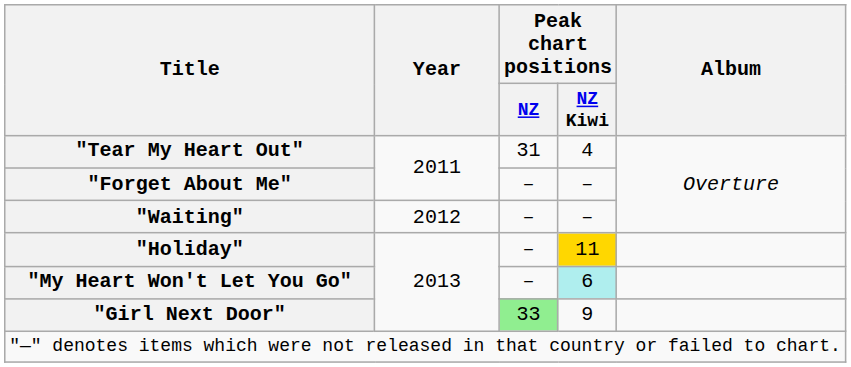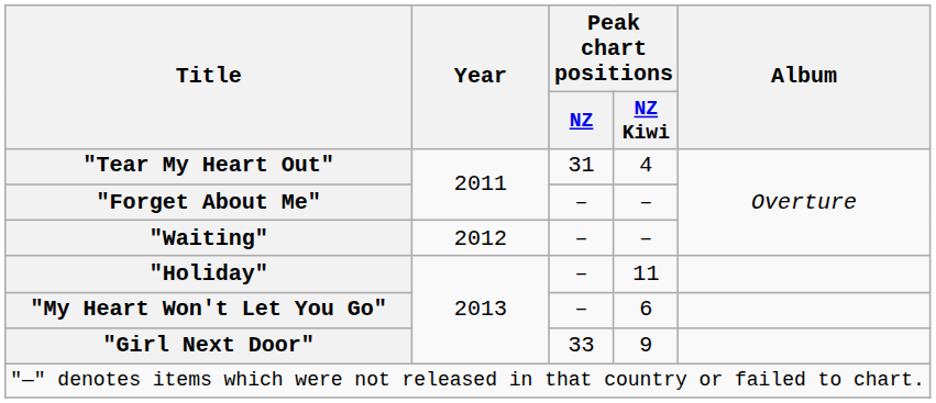 <table class="wikitable plainrowheaders" style="text-align:center;">
 <tr>
 <th scope="col" rowspan="2" style="width:18em;">Title</th>
 <th scope="col" rowspan="2">Year</th>
 <th scope="col" colspan="2">Peak chart positions</th>
 <th scope="col" rowspan="2">Album</th>
 </tr>
 <tr>
 <th scope="col" style="width:2.5em; font-size:90%;"><a href='#'>NZ</a><br></th>
 <th scope="col" style="width:2.5em; font-size:90%;"><a href='#'>NZ</a><br>Kiwi</th>
 </tr>
 <tr>
 <th scope="row">"Tear My Heart Out"</th>
 <td rowspan=2>2011</td>
 <td>31</td>
 <td>4</td>
 <td rowspan=3><em>Overture</em></td>
 </tr>
 <tr>
 <th scope="row">"Forget About Me"</th>
 <td>–</td>
 <td>–</td>
 </tr>
 <tr>
 <th scope="row">"Waiting"</th>
 <td>2012</td>
 <td>–</td>
 <td>–</td>
 </tr>
 <tr>
 <th scope="row">"Holiday"</th>
 <td rowspan=3>2013</td>
 <td>–</td>
-<td style="background: gold;">11</td>
+<td>11</td>
 <td></td>
 </tr>
 <tr>
 <th scope="row">"My Heart Won't Let You Go"</th>
 <td>–</td>
-<td style="background: paleturquoise;">6</td>
+<td>6</td>
 <td></td>
 </tr>
 <tr>
 <th scope="row">"Girl Next Door"</th>
-<td style="background: lightgreen;">33</td>
+<td>33</td>
 <td>9</td>
 <td></td>
 </tr>
 <tr>
 <td colspan="14" style="font-size:90%">"—" denotes items which were not released in that country or failed to chart.</td>
 </tr>
 </table>
